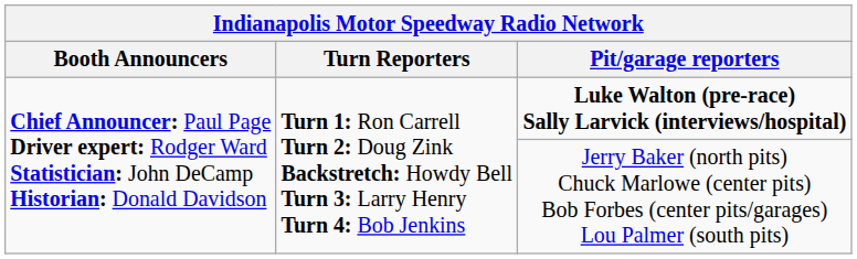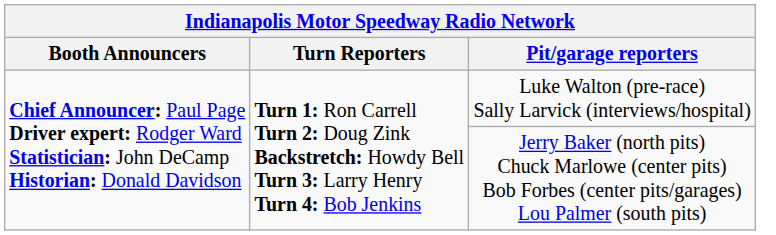 <table class="wikitable" style="font-size: 95%;">
 <tr>
 <th colspan=3><a href='#'>Indianapolis Motor Speedway Radio Network</a></th>
 </tr>
 <tr>
 <th>Booth Announcers</th>
 <th>Turn Reporters</th>
 <th><a href='#'>Pit/garage reporters</a></th>
 </tr>
 <tr>
 <td valign="top" rowspan=2><br><strong><a href='#'>Chief Announcer</a>:</strong> <a href='#'>Paul Page</a><br> <strong>Driver expert:</strong> <a href='#'>Rodger Ward</a><br> <strong><a href='#'>Statistician</a>:</strong> John DeCamp<br> <strong><a href='#'>Historian</a>:</strong> <a href='#'>Donald Davidson</a><br></td>
 <td valign="top" rowspan=2><br><strong>Turn 1:</strong> Ron Carrell<br>     <strong>Turn 2:</strong> Doug Zink<br> <strong>Backstretch:</strong> Howdy Bell<br> <strong>Turn 3:</strong> Larry Henry<br> <strong>Turn 4:</strong> <a href='#'>Bob Jenkins</a><br></td>
-<td align="center" valign="top"><strong>Luke Walton (pre-race)<br>Sally Larvick (interviews/hospital)<br></strong></td>
+<td align="center" valign="top">Luke Walton (pre-race)<br>Sally Larvick (interviews/hospital)<br></td>
 </tr>
 <tr>
 <td align="center" valign="top"><a href='#'>Jerry Baker</a> (north pits)<br>Chuck Marlowe (center pits)<br>Bob Forbes (center pits/garages)<br><a href='#'>Lou Palmer</a> (south pits)<br></td>
 </tr>
 </table>
